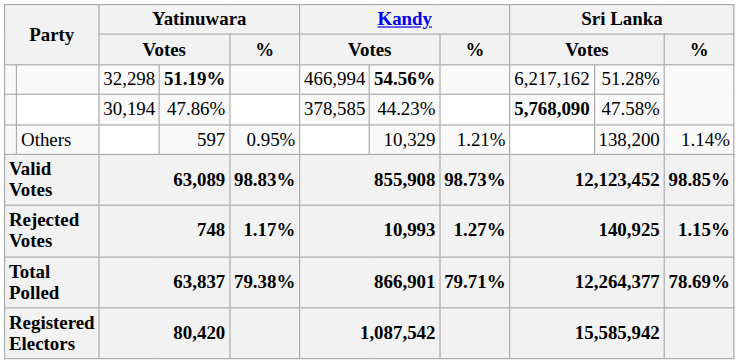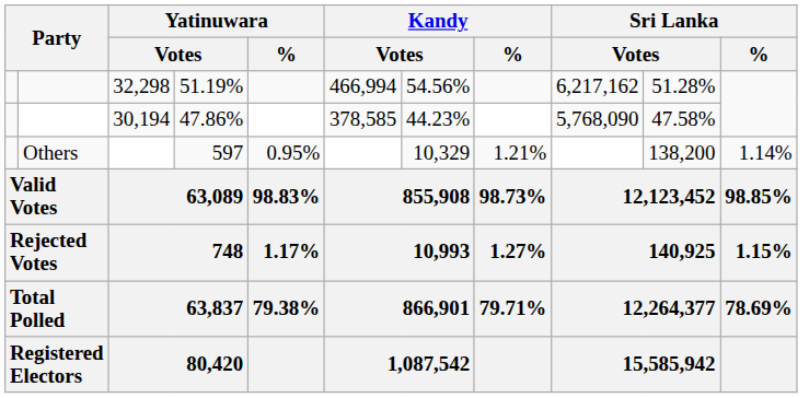 <table class="wikitable">
 <tr>
 <th colspan="2" rowspan="2">Party</th>
 <th colspan="3">Yatinuwara</th>
 <th colspan="3"><a href='#'>Kandy</a></th>
 <th colspan="3">Sri Lanka</th>
 </tr>
 <tr>
 <th colspan="2">Votes</th>
 <th>%</th>
 <th colspan="2">Votes</th>
 <th>%</th>
 <th colspan="2">Votes</th>
 <th>%</th>
 </tr>
 <tr>
 <td></td>
 <td style="background-color:"></td>
 <td style="text-align:right;">32,298</td>
-<td style="text-align:right;"><strong>51.19%</strong></td>
+<td style="text-align:right;">51.19%</td>
 <td style="background-color:"></td>
 <td style="text-align:right;">466,994</td>
-<td style="text-align:right;"><strong>54.56%</strong></td>
+<td style="text-align:right;">54.56%</td>
 <td style="background-color:"></td>
 <td style="text-align:right;">6,217,162</td>
 <td style="text-align:right;">51.28%</td>
 </tr>
 <tr>
 <td></td>
 <td style="background-color:white;"></td>
 <td style="text-align:right;">30,194</td>
 <td style="text-align:right;">47.86%</td>
 <td style="background-color:white;"></td>
 <td style="text-align:right;">378,585</td>
 <td style="text-align:right;">44.23%</td>
 <td style="background-color:white;"></td>
-<td style="text-align:right;"><strong>5,768,090</strong></td>
+<td style="text-align:right;">5,768,090</td>
 <td style="text-align:right;">47.58%</td>
 </tr>
 <tr>
 <td style="background-color:"></td>
 <td style="text-align:left;">Others</td>
 <td style="background-color:white;"></td>
 <td style="text-align:right;">597</td>
 <td style="text-align:right;">0.95%</td>
 <td style="background-color:white;"></td>
 <td style="text-align:right;">10,329</td>
 <td style="text-align:right;">1.21%</td>
 <td style="background-color:white;"></td>
 <td style="text-align:right;">138,200</td>
 <td style="text-align:right;">1.14%</td>
 </tr>
 <tr>
 <th colspan="2" style="text-align:left;">Valid Votes</th>
 <th style="text-align:right;"colspan="2">63,089</th>
 <th style="text-align:right;">98.83%</th>
 <th style="text-align:right;"colspan="2">855,908</th>
 <th style="text-align:right;">98.73%</th>
 <th style="text-align:right;"colspan="2">12,123,452</th>
 <th style="text-align:right;">98.85%</th>
 </tr>
 <tr>
 <th colspan="2" style="text-align:left;">Rejected Votes</th>
 <th style="text-align:right;"colspan="2">748</th>
 <th style="text-align:right;">1.17%</th>
 <th style="text-align:right;"colspan="2">10,993</th>
 <th style="text-align:right;">1.27%</th>
 <th style="text-align:right;"colspan="2">140,925</th>
 <th style="text-align:right;">1.15%</th>
 </tr>
 <tr>
 <th colspan="2" style="text-align:left;">Total Polled</th>
 <th style="text-align:right;"colspan="2">63,837</th>
 <th style="text-align:right;">79.38%</th>
 <th style="text-align:right;"colspan="2">866,901</th>
 <th style="text-align:right;">79.71%</th>
 <th style="text-align:right;"colspan="2">12,264,377</th>
 <th style="text-align:right;">78.69%</th>
 </tr>
 <tr>
 <th colspan="2" style="text-align:left;">Registered Electors</th>
 <th style="text-align:right;"colspan="2">80,420</th>
 <th></th>
 <th style="text-align:right;"colspan="2">1,087,542</th>
 <th></th>
 <th style="text-align:right;"colspan="2">15,585,942</th>
 <th></th>
 </tr>
 </table>
